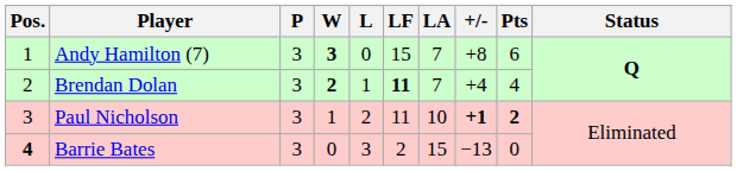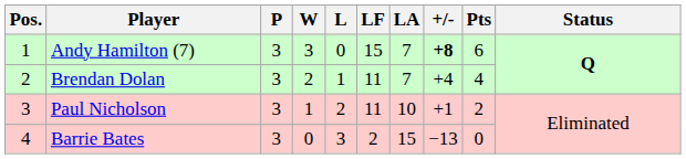 <table class="wikitable" style="text-align:center; margin: 1em auto 1em auto, align:left">
 <tr>
 <th width=20>Pos.</th>
 <th width=175>Player</th>
 <th width=20>P</th>
 <th width=20>W</th>
 <th width=20>L</th>
 <th width=20>LF</th>
 <th width=20>LA</th>
 <th width=20>+/-</th>
 <th width=20>Pts</th>
 <th width=150>Status</th>
 </tr>
 <tr style="background:#CCFFCC;">
 <td>1</td>
 <td style="text-align:left;"> <a href='#'>Andy Hamilton</a> (7)</td>
 <td>3</td>
-<td><strong>3</strong></td>
+<td>3</td>
 <td>0</td>
 <td>15</td>
 <td>7</td>
-<td>+8</td>
+<td><strong>+8</strong></td>
 <td>6</td>
 <td rowspan=2><strong>Q</strong></td>
 </tr>
 <tr style="background:#CCFFCC;">
 <td>2</td>
 <td style="text-align:left;"> <a href='#'>Brendan Dolan</a></td>
 <td>3</td>
-<td><strong>2</strong></td>
+<td>2</td>
 <td>1</td>
-<td><strong>11</strong></td>
+<td>11</td>
 <td>7</td>
 <td>+4</td>
 <td>4</td>
 </tr>
 <tr style="background:#FFCCCC;">
 <td>3</td>
 <td style="text-align:left;"> <a href='#'>Paul Nicholson</a></td>
 <td>3</td>
 <td>1</td>
 <td>2</td>
 <td>11</td>
 <td>10</td>
-<td><strong>+1</strong></td>
-<td><strong>2</strong></td>
+<td>+1</td>
+<td>2</td>
 <td rowspan=2>Eliminated</td>
 </tr>
 <tr style="background:#FFCCCC;">
-<td><strong>4</strong></td>
+<td>4</td>
 <td style="text-align:left;"> <a href='#'>Barrie Bates</a></td>
 <td>3</td>
 <td>0</td>
 <td>3</td>
 <td>2</td>
 <td>15</td>
 <td>−13</td>
 <td>0</td>
 </tr>
 </table>
